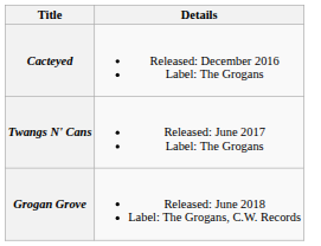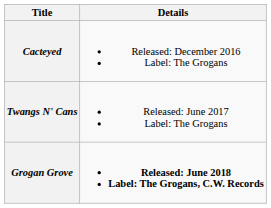 <table class="wikitable plainrowheaders" style="text-align:center;" border="1">
 <tr>
 <th>Title</th>
 <th>Details</th>
 </tr>
 <tr>
 <th scope="row"><em>Cacteyed</em></th>
 <td><br><ul><li>Released: December 2016</li><li>Label: The Grogans</li></ul></td>
 </tr>
 <tr>
 <th scope="row"><em>Twangs N' Cans</em></th>
 <td><br><ul><li>Released: June 2017</li><li>Label: The Grogans</li></ul></td>
 </tr>
 <tr>
 <th scope="row"><em>Grogan Grove</em></th>
-<td><br><ul><li>Released: June 2018</li><li>Label: The Grogans, C.W. Records</li></ul></td>
+<td><strong><br><ul><li>Released: June 2018</li><li>Label: The Grogans, C.W. Records</li></ul></strong></td>
 </tr>
 </table>
